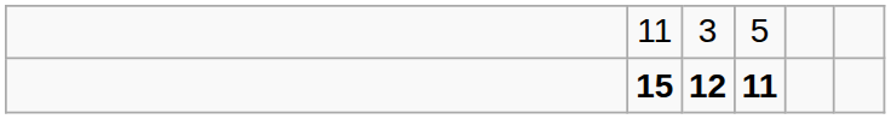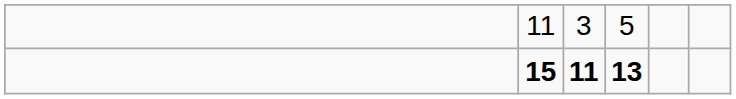 <table class="wikitable">
 <tr>
 <td style="width:18em"></td>
 <td align=center style="width:1em">11</td>
 <td align=center style="width:1em">3</td>
 <td align=center style="width:1em">5</td>
 <td align=center style="width:1em"></td>
 <td align=center style="width:1em"></td>
 </tr>
 <tr>
 <td style="width:18em"></td>
 <td align=center style="width:1em"><strong>15</strong></td>
-<td align=center style="width:1em"><strong>12</strong></td>
 <td align=center style="width:1em"><strong>11</strong></td>
+<td align=center style="width:1em"><strong>13</strong></td>
 <td align=center style="width:1em"></td>
 <td align=center style="width:1em"></td>
 </tr>
 </table>
